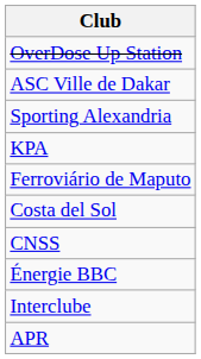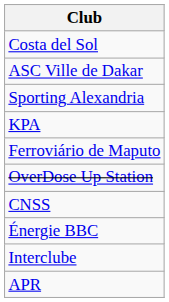 <table class="wikitable">
 <tr>
 <th>Club</th>
 </tr>
 <tr>
-<td><s> <a href='#'>OverDose Up Station</a></s></td>
+<td> <a href='#'>Costa del Sol</a></td>
 </tr>
 <tr>
 <td> <a href='#'>ASC Ville de Dakar</a></td>
 </tr>
 <tr>
 <td> <a href='#'>Sporting Alexandria</a></td>
 </tr>
 <tr>
 <td> <a href='#'>KPA</a></td>
 </tr>
 <tr>
 <td> <a href='#'>Ferroviário de Maputo</a></td>
 </tr>
 <tr>
-<td> <a href='#'>Costa del Sol</a></td>
+<td><s> <a href='#'>OverDose Up Station</a></s></td>
 </tr>
 <tr>
 <td> <a href='#'>CNSS</a></td>
 </tr>
 <tr>
 <td> <a href='#'>Énergie BBC</a></td>
 </tr>
 <tr>
 <td> <a href='#'>Interclube</a></td>
 </tr>
 <tr>
 <td> <a href='#'>APR</a></td>
 </tr>
 </table>
